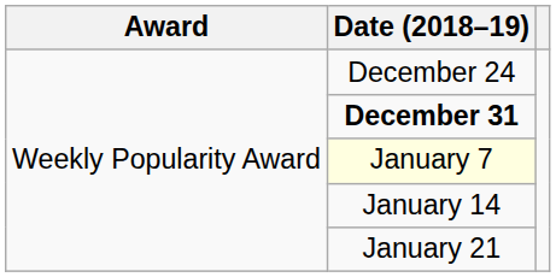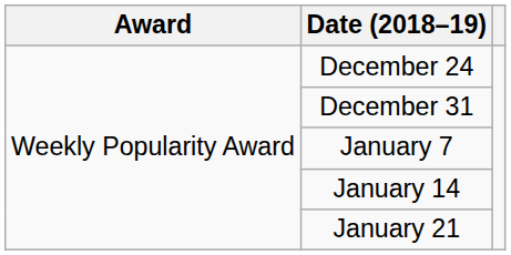 <table class="wikitable" style="table-layout: fixed; margin-right:0; text-align:center">
 <tr>
 <th>Award</th>
 <th>Date (2018–19)</th>
 <th></th>
 </tr>
 <tr>
 <td rowspan="5">Weekly Popularity Award</td>
 <td style="text-align: center;">December 24</td>
 <td rowspan="5"></td>
 </tr>
 <tr>
-<td><strong>December 31</strong></td>
+<td>December 31</td>
 </tr>
 <tr>
-<td style="background: lightyellow;">January 7</td>
+<td>January 7</td>
 </tr>
 <tr>
 <td>January 14</td>
 </tr>
 <tr>
 <td>January 21</td>
 </tr>
 </table>
